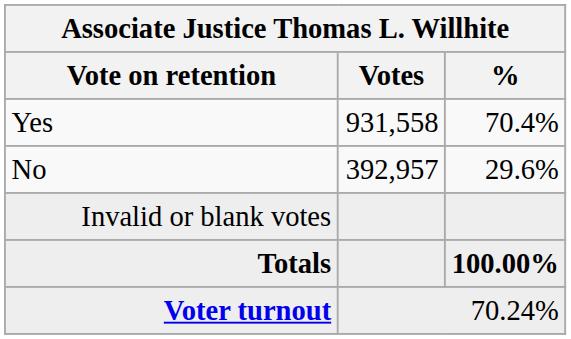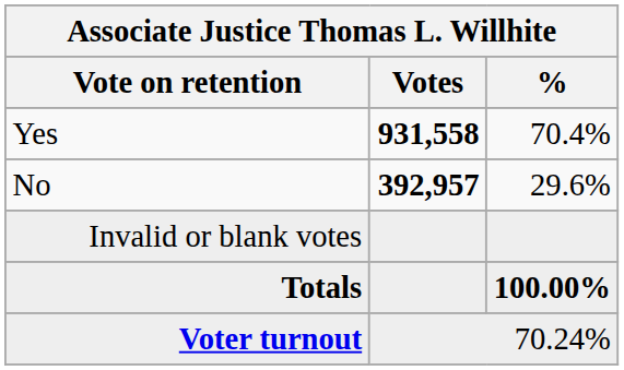 <table class="wikitable" style="font-size: 95%;">
 <tr style="background-color:#E9E9E9">
 <th colspan=7>Associate Justice Thomas L. Willhite</th>
 </tr>
 <tr style="background-color:#E9E9E9">
 <th style="width: 170px">Vote on retention</th>
 <th style="width: 50px">Votes</th>
 <th style="width: 40px">%</th>
 </tr>
 <tr>
 <td>Yes</td>
-<td align="right">931,558</td>
+<td align="right"><strong>931,558</strong></td>
 <td align="right">70.4%</td>
 </tr>
 <tr>
 <td>No</td>
-<td align="right">392,957</td>
+<td align="right"><strong>392,957</strong></td>
 <td align="right">29.6%</td>
 </tr>
 <tr bgcolor="#EEEEEE">
 <td align="right">Invalid or blank votes</td>
 <td align="right"></td>
 <td align="right"></td>
 </tr>
 <tr bgcolor="#EEEEEE">
 <td align="right"><strong>Totals</strong></td>
 <td align="right"><strong></strong></td>
 <td align="right"><strong>100.00%</strong></td>
 </tr>
 <tr bgcolor="#EEEEEE">
 <td align="right"><strong><a href='#'>Voter turnout</a></strong></td>
 <td colspan="2" align="right">70.24%</td>
 </tr>
 </table>
